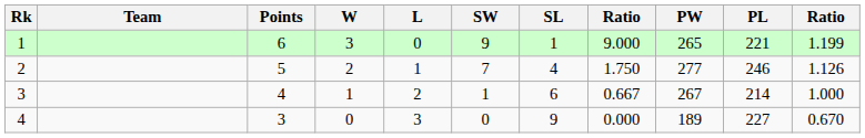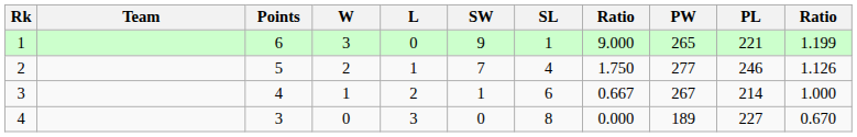 <table class=wikitable style=text-align:center>
 <tr>
 <th width=25>Rk</th>
 <th width=200>Team</th>
 <th width=60>Points</th>
 <th width=60>W</th>
 <th width=60>L</th>
 <th width=60>SW</th>
 <th width=60>SL</th>
 <th width=60>Ratio</th>
 <th width=60>PW</th>
 <th width=60>PL</th>
 <th width=60>Ratio</th>
 </tr>
 <tr style="background: #ccffcc">
 <td>1</td>
 <td align=left></td>
 <td>6</td>
 <td>3</td>
 <td>0</td>
 <td>9</td>
 <td>1</td>
 <td>9.000</td>
 <td>265</td>
 <td>221</td>
 <td>1.199</td>
 </tr>
 <tr>
 <td>2</td>
 <td align=left></td>
 <td>5</td>
 <td>2</td>
 <td>1</td>
 <td>7</td>
 <td>4</td>
 <td>1.750</td>
 <td>277</td>
 <td>246</td>
 <td>1.126</td>
 </tr>
 <tr>
 <td>3</td>
 <td align=left></td>
 <td>4</td>
 <td>1</td>
 <td>2</td>
 <td>1</td>
 <td>6</td>
 <td>0.667</td>
 <td>267</td>
 <td>214</td>
 <td>1.000</td>
 </tr>
 <tr>
 <td>4</td>
 <td align=left></td>
 <td>3</td>
 <td>0</td>
 <td>3</td>
 <td>0</td>
-<td>9</td>
+<td>8</td>
 <td>0.000</td>
 <td>189</td>
 <td>227</td>
 <td>0.670</td>
 </tr>
 </table>
